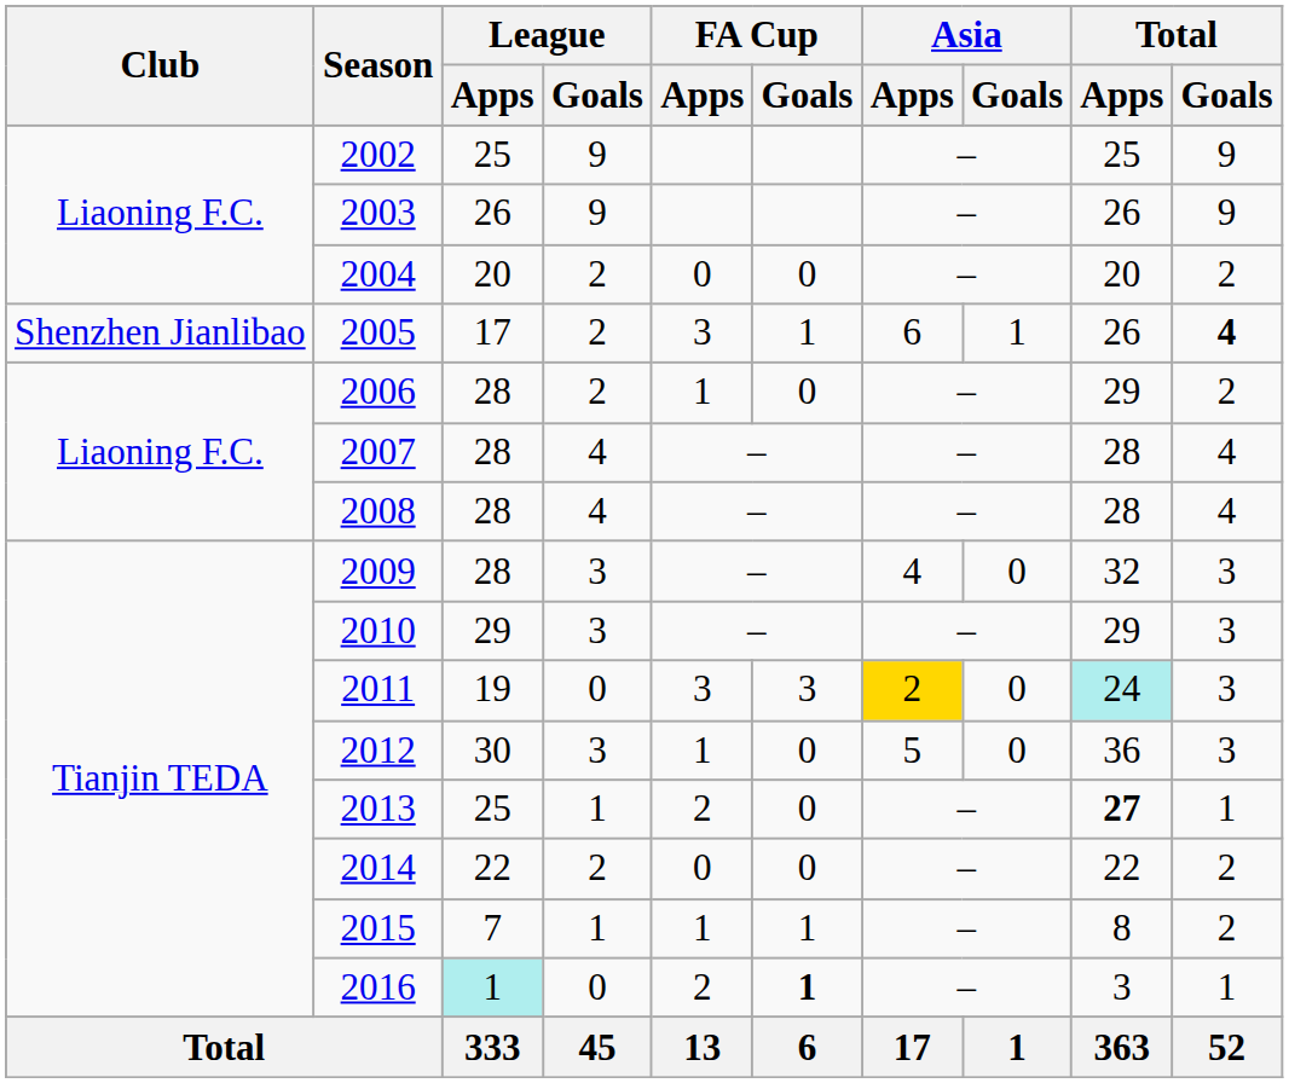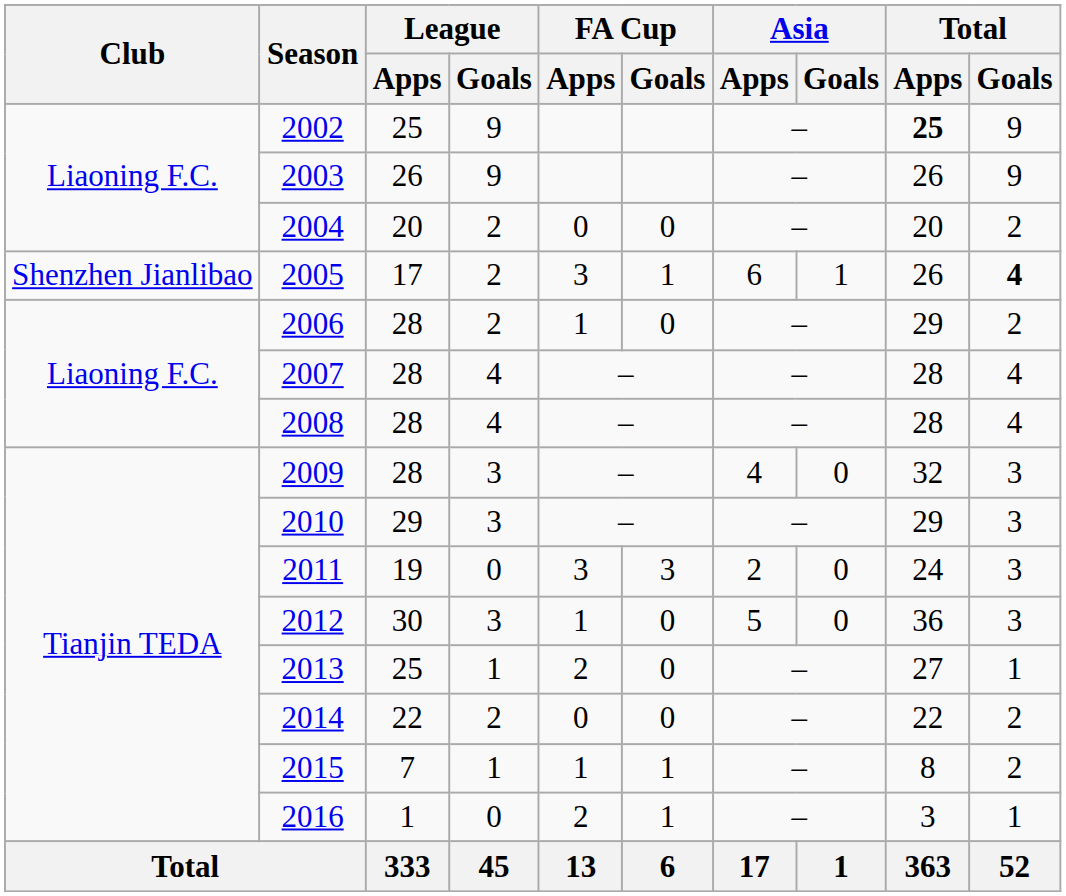 <table class="wikitable" style="text-align: center;">
 <tr>
 <th rowspan="2">Club</th>
 <th rowspan="2">Season</th>
 <th colspan="2">League</th>
 <th colspan="2">FA Cup</th>
 <th colspan="2"><a href='#'>Asia</a></th>
 <th colspan="2">Total</th>
 </tr>
 <tr>
 <th>Apps</th>
 <th>Goals</th>
 <th>Apps</th>
 <th>Goals</th>
 <th>Apps</th>
 <th>Goals</th>
 <th>Apps</th>
 <th>Goals</th>
 </tr>
 <tr>
 <td rowspan="3" valign="center"><a href='#'>Liaoning F.C.</a></td>
 <td><a href='#'>2002</a></td>
 <td>25</td>
 <td>9</td>
 <td></td>
 <td></td>
 <td colspan="2">–</td>
-<td>25</td>
+<td><strong>25</strong></td>
 <td>9</td>
 </tr>
 <tr>
 <td><a href='#'>2003</a></td>
 <td>26</td>
 <td>9</td>
 <td></td>
 <td></td>
 <td colspan="2">–</td>
 <td>26</td>
 <td>9</td>
 </tr>
 <tr>
 <td><a href='#'>2004</a></td>
 <td>20</td>
 <td>2</td>
 <td>0</td>
 <td>0</td>
 <td colspan="2">–</td>
 <td>20</td>
 <td>2</td>
 </tr>
 <tr>
 <td rowspan="1" valign="center"><a href='#'>Shenzhen Jianlibao</a></td>
 <td><a href='#'>2005</a></td>
 <td>17</td>
 <td>2</td>
 <td>3</td>
 <td>1</td>
 <td>6</td>
 <td>1</td>
 <td>26</td>
 <td><strong>4</strong></td>
 </tr>
 <tr>
 <td rowspan="3" valign="center"><a href='#'>Liaoning F.C.</a></td>
 <td><a href='#'>2006</a></td>
 <td>28</td>
 <td>2</td>
 <td>1</td>
 <td>0</td>
 <td colspan="2">–</td>
 <td>29</td>
 <td>2</td>
 </tr>
 <tr>
 <td><a href='#'>2007</a></td>
 <td>28</td>
 <td>4</td>
 <td colspan="2">–</td>
 <td colspan="2">–</td>
 <td>28</td>
 <td>4</td>
 </tr>
 <tr>
 <td><a href='#'>2008</a></td>
 <td>28</td>
 <td>4</td>
 <td colspan="2">–</td>
 <td colspan="2">–</td>
 <td>28</td>
 <td>4</td>
 </tr>
 <tr>
 <td rowspan="8" valign="center"><a href='#'>Tianjin TEDA</a></td>
 <td><a href='#'>2009</a></td>
 <td>28</td>
 <td>3</td>
 <td colspan="2">–</td>
 <td>4</td>
 <td>0</td>
 <td>32</td>
 <td>3</td>
 </tr>
 <tr>
 <td><a href='#'>2010</a></td>
 <td>29</td>
 <td>3</td>
 <td colspan="2">–</td>
 <td colspan="2">–</td>
 <td>29</td>
 <td>3</td>
 </tr>
 <tr>
 <td><a href='#'>2011</a></td>
 <td>19</td>
 <td>0</td>
 <td>3</td>
 <td>3</td>
-<td style="background: gold;">2</td>
+<td>2</td>
 <td>0</td>
-<td style="background: paleturquoise;">24</td>
+<td>24</td>
 <td>3</td>
 </tr>
 <tr>
 <td><a href='#'>2012</a></td>
 <td>30</td>
 <td>3</td>
 <td>1</td>
 <td>0</td>
 <td>5</td>
 <td>0</td>
 <td>36</td>
 <td>3</td>
 </tr>
 <tr>
 <td><a href='#'>2013</a></td>
 <td>25</td>
 <td>1</td>
 <td>2</td>
 <td>0</td>
 <td colspan="2">–</td>
-<td><strong>27</strong></td>
+<td>27</td>
 <td>1</td>
 </tr>
 <tr>
 <td><a href='#'>2014</a></td>
 <td>22</td>
 <td>2</td>
 <td>0</td>
 <td>0</td>
 <td colspan="2">–</td>
 <td>22</td>
 <td>2</td>
 </tr>
 <tr>
 <td><a href='#'>2015</a></td>
 <td>7</td>
 <td>1</td>
 <td>1</td>
 <td>1</td>
 <td colspan="2">–</td>
 <td>8</td>
 <td>2</td>
 </tr>
 <tr>
 <td><a href='#'>2016</a></td>
-<td style="background: paleturquoise;">1</td>
+<td>1</td>
 <td>0</td>
 <td>2</td>
-<td><strong>1</strong></td>
+<td>1</td>
 <td colspan="2">–</td>
 <td>3</td>
 <td>1</td>
 </tr>
 <tr>
 <th colspan="2">Total</th>
 <th>333</th>
 <th>45</th>
 <th>13</th>
 <th>6</th>
 <th>17</th>
 <th>1</th>
 <th>363</th>
 <th>52</th>
 </tr>
 <tr>
 </tr>
 </table>
